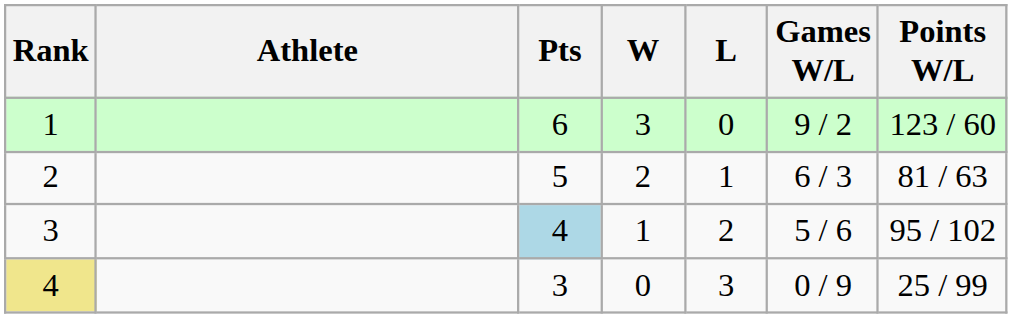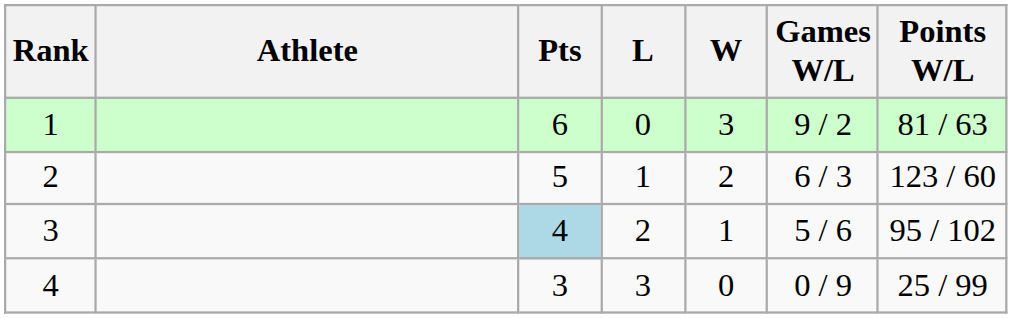 <table class="wikitable" style="text-align: center; font-size:90% ">
 <tr>
 <th width="20">Rank</th>
 <th width="180">Athlete</th>
 <th width="30">Pts</th>
+<th width="30">L</th>
 <th width="30">W</th>
-<th width="30">L</th>
 <th width="40">Games<br>W/L</th>
 <th width="50">Points<br>W/L</th>
 </tr>
 <tr bgcolor=#ccffcc>
 <td>1</td>
 <td align=left></td>
 <td>6</td>
+<td>0</td>
 <td>3</td>
-<td>0</td>
 <td>9 / 2</td>
-<td>123 / 60</td>
+<td>81 / 63</td>
 </tr>
 <tr>
 <td>2</td>
 <td align=left></td>
 <td>5</td>
+<td>1</td>
 <td>2</td>
-<td>1</td>
 <td>6 / 3</td>
-<td>81 / 63</td>
+<td>123 / 60</td>
 </tr>
 <tr>
 <td>3</td>
 <td align=left></td>
 <td style="background: lightblue;">4</td>
+<td>2</td>
 <td>1</td>
-<td>2</td>
 <td>5 / 6</td>
 <td>95 / 102</td>
 </tr>
 <tr>
-<td style="background: khaki;">4</td>
+<td>4</td>
 <td align=left></td>
 <td>3</td>
+<td>3</td>
 <td>0</td>
-<td>3</td>
 <td>0 / 9</td>
 <td>25 / 99</td>
 </tr>
 </table>
